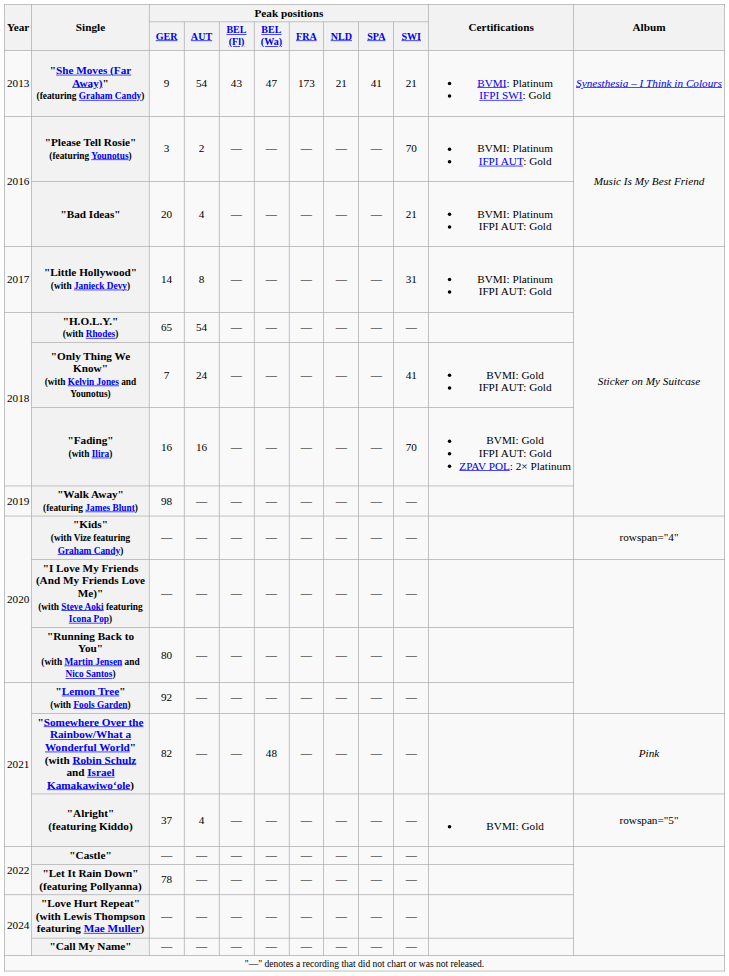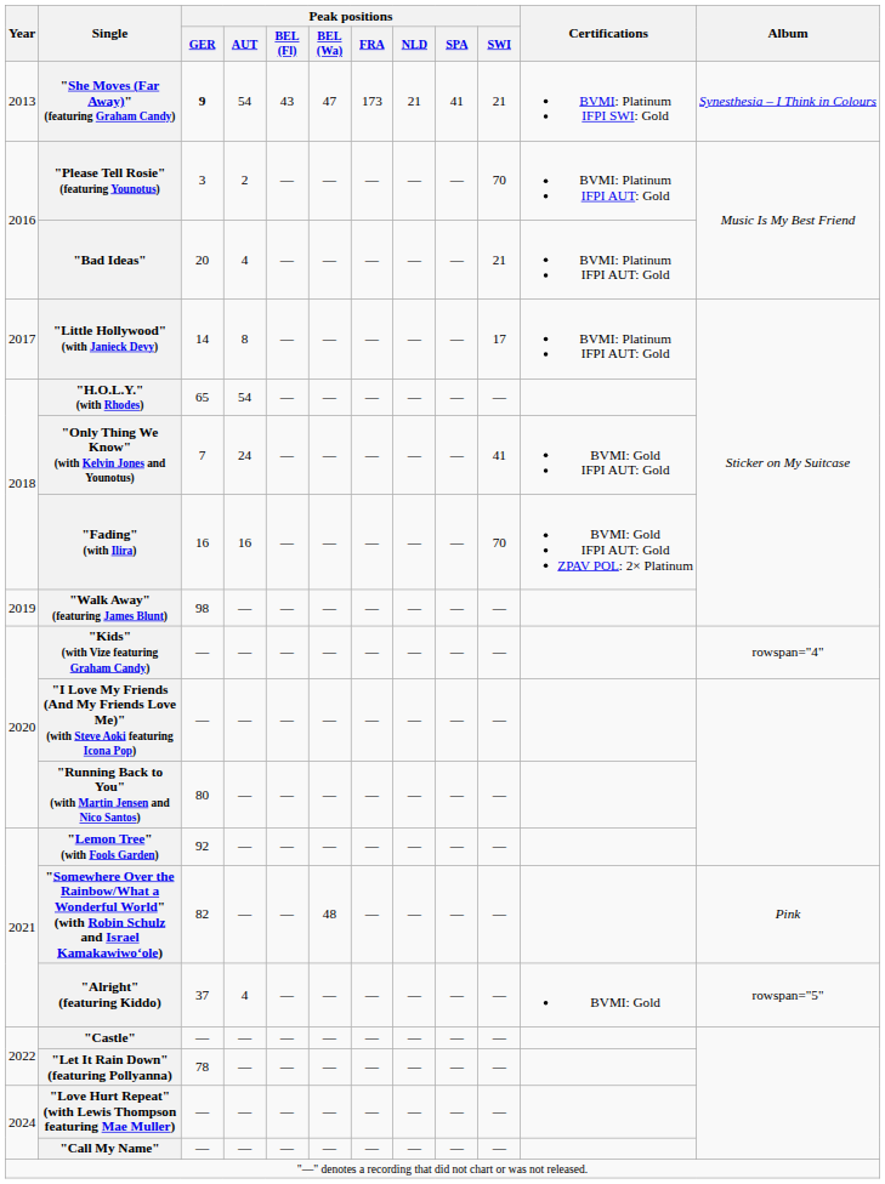 <table class="wikitable plainrowheaders" style="text-align:center">
 <tr>
 <th rowspan="2" width="10">Year</th>
 <th rowspan="2" width="160">Single</th>
 <th colspan="8" width="20">Peak positions</th>
 <th rowspan="2">Certifications</th>
 <th rowspan="2">Album</th>
 </tr>
 <tr>
 <th scope="col" style="width:3em;font-size:90%;"><a href='#'>GER</a><br></th>
 <th scope="col" style="width:3em;font-size:90%;"><a href='#'>AUT</a><br></th>
 <th scope="col" style="width:3em;font-size:90%;"><a href='#'>BEL<br>(Fl)</a><br></th>
 <th scope="col" style="width:3em;font-size:90%;"><a href='#'>BEL<br>(Wa)</a><br></th>
 <th scope="col" style="width:3em;font-size:90%;"><a href='#'>FRA</a><br></th>
 <th scope="col" style="width:3em;font-size:90%;"><a href='#'>NLD</a><br></th>
 <th scope="col" style="width:3em;font-size:90%;"><a href='#'>SPA</a><br></th>
 <th scope="col" style="width:3em;font-size:90%;"><a href='#'>SWI</a><br></th>
 </tr>
 <tr>
 <td>2013</td>
 <th scope="row">"<a href='#'>She Moves (Far Away)</a>"<br><small>(featuring <a href='#'>Graham Candy</a>)</small></th>
-<td>9</td>
+<td><strong>9</strong></td>
 <td>54</td>
 <td>43</td>
 <td>47</td>
 <td>173</td>
 <td>21</td>
 <td>41</td>
 <td>21</td>
 <td><br><ul><li><a href='#'>BVMI</a>: Platinum</li><li><a href='#'>IFPI SWI</a>: Gold</li></ul></td>
 <td><em><a href='#'>Synesthesia – I Think in Colours</a></em></td>
 </tr>
 <tr>
 <td rowspan="2">2016</td>
 <th scope="row">"Please Tell Rosie"<br><small>(featuring <a href='#'>Younotus</a>)</small></th>
 <td>3</td>
 <td>2</td>
 <td>—</td>
 <td>—</td>
 <td>—</td>
 <td>—</td>
 <td>—</td>
 <td>70</td>
 <td><br><ul><li>BVMI: Platinum</li><li><a href='#'>IFPI AUT</a>: Gold</li></ul></td>
 <td rowspan="2"><em>Music Is My Best Friend</em></td>
 </tr>
 <tr>
 <th scope="row">"Bad Ideas"</th>
 <td>20</td>
 <td>4</td>
 <td>—</td>
 <td>—</td>
 <td>—</td>
 <td>—</td>
 <td>—</td>
 <td>21</td>
 <td><br><ul><li>BVMI: Platinum</li><li>IFPI AUT: Gold</li></ul></td>
 </tr>
 <tr>
 <td>2017</td>
 <th scope="row">"Little Hollywood"<br><small>(with <a href='#'>Janieck Devy</a>)</small></th>
 <td>14</td>
 <td>8</td>
 <td>—</td>
 <td>—</td>
 <td>—</td>
 <td>—</td>
 <td>—</td>
-<td>31</td>
+<td>17</td>
 <td><br><ul><li>BVMI: Platinum</li><li>IFPI AUT: Gold</li></ul></td>
 <td rowspan="5"><em>Sticker on My Suitcase</em></td>
 </tr>
 <tr>
 <td rowspan="3">2018</td>
 <th scope="row">"H.O.L.Y."<br><small>(with <a href='#'>Rhodes</a>)</small></th>
 <td>65</td>
 <td>54</td>
 <td>—</td>
 <td>—</td>
 <td>—</td>
 <td>—</td>
 <td>—</td>
 <td>—</td>
 <td></td>
 </tr>
 <tr>
 <th scope="row">"Only Thing We Know"<br><small>(with <a href='#'>Kelvin Jones</a> and Younotus)</small></th>
 <td>7</td>
 <td>24</td>
 <td>—</td>
 <td>—</td>
 <td>—</td>
 <td>—</td>
 <td>—</td>
 <td>41</td>
 <td><br><ul><li>BVMI: Gold</li><li>IFPI AUT: Gold</li></ul></td>
 </tr>
 <tr>
 <th scope="row">"Fading"<br><small>(with <a href='#'>Ilira</a>)</small></th>
 <td>16</td>
 <td>16</td>
 <td>—</td>
 <td>—</td>
 <td>—</td>
 <td>—</td>
 <td>—</td>
 <td>70</td>
 <td><br><ul><li>BVMI: Gold</li><li>IFPI AUT: Gold</li><li><a href='#'>ZPAV POL</a>: 2× Platinum</li></ul></td>
 </tr>
 <tr>
 <td>2019</td>
 <th scope="row">"Walk Away"<br><small>(featuring <a href='#'>James Blunt</a>)</small></th>
 <td>98</td>
 <td>—</td>
 <td>—</td>
 <td>—</td>
 <td>—</td>
 <td>—</td>
 <td>—</td>
 <td>—</td>
 <td></td>
 </tr>
 <tr>
 <td rowspan="3">2020</td>
 <th scope="row">"Kids"<br><small>(with Vize featuring <a href='#'>Graham Candy</a>)</small></th>
 <td>—</td>
 <td>—</td>
 <td>—</td>
 <td>—</td>
 <td>—</td>
 <td>—</td>
 <td>—</td>
 <td>—</td>
 <td></td>
 <td>rowspan="4" </td>
 </tr>
 <tr>
 <th scope="row">"I Love My Friends (And My Friends Love Me)"<br><small>(with <a href='#'>Steve Aoki</a> featuring <a href='#'>Icona Pop</a>)</small></th>
 <td>—</td>
 <td>—</td>
 <td>—</td>
 <td>—</td>
 <td>—</td>
 <td>—</td>
 <td>—</td>
 <td>—</td>
 <td></td>
 </tr>
 <tr>
 <th scope="row">"Running Back to You"<br><small>(with <a href='#'>Martin Jensen</a> and <a href='#'>Nico Santos</a>)</small></th>
 <td>80</td>
 <td>—</td>
 <td>—</td>
 <td>—</td>
 <td>—</td>
 <td>—</td>
 <td>—</td>
 <td>—</td>
 <td></td>
 </tr>
 <tr>
 <td rowspan="3">2021</td>
 <th scope="row">"<a href='#'>Lemon Tree</a>"<br><small>(with <a href='#'>Fools Garden</a>)</small></th>
 <td>92</td>
 <td>—</td>
 <td>—</td>
 <td>—</td>
 <td>—</td>
 <td>—</td>
 <td>—</td>
 <td>—</td>
 <td></td>
 </tr>
 <tr>
 <th scope="row">"<a href='#'>Somewhere Over the Rainbow/What a Wonderful World</a>"<br><span>(with <a href='#'>Robin Schulz</a> and <a href='#'>Israel Kamakawiwoʻole</a>)</span></th>
 <td>82</td>
 <td>—</td>
 <td>—</td>
 <td>48</td>
 <td>—</td>
 <td>—</td>
 <td>—</td>
 <td>—</td>
 <td></td>
 <td><em>Pink</em></td>
 </tr>
 <tr>
 <th scope="row">"Alright"<br><span>(featuring Kiddo)</span></th>
 <td>37</td>
 <td>4</td>
 <td>—</td>
 <td>—</td>
 <td>—</td>
 <td>—</td>
 <td>—</td>
 <td>—</td>
 <td><br><ul><li>BVMI: Gold</li></ul></td>
 <td>rowspan="5" </td>
 </tr>
 <tr>
 <td rowspan="2">2022</td>
 <th scope="row">"Castle"<br></th>
 <td>—</td>
 <td>—</td>
 <td>—</td>
 <td>—</td>
 <td>—</td>
 <td>—</td>
 <td>—</td>
 <td>—</td>
 <td></td>
 </tr>
 <tr>
 <th scope="row">"Let It Rain Down"<br><span>(featuring Pollyanna)</span></th>
 <td>78</td>
 <td>—</td>
 <td>—</td>
 <td>—</td>
 <td>—</td>
 <td>—</td>
 <td>—</td>
 <td>—</td>
 <td></td>
 </tr>
 <tr>
 <td rowspan="2">2024</td>
 <th scope="row">"Love Hurt Repeat"<br><span>(with Lewis Thompson featuring <a href='#'>Mae Muller</a>)</span></th>
 <td>—</td>
 <td>—</td>
 <td>—</td>
 <td>—</td>
 <td>—</td>
 <td>—</td>
 <td>—</td>
 <td>—</td>
 <td></td>
 </tr>
 <tr>
 <th scope="row">"Call My Name"<br></th>
 <td>—</td>
 <td>—</td>
 <td>—</td>
 <td>—</td>
 <td>—</td>
 <td>—</td>
 <td>—</td>
 <td>—</td>
 <td></td>
 </tr>
 <tr>
 <td colspan="12" style="font-size:85%">"—" denotes a recording that did not chart or was not released.</td>
 </tr>
 </table>
